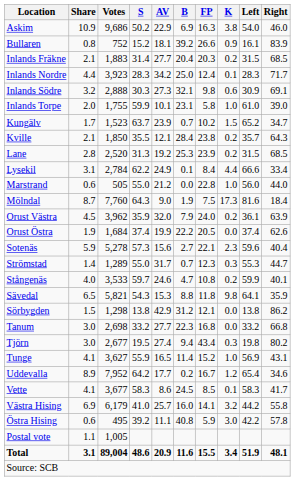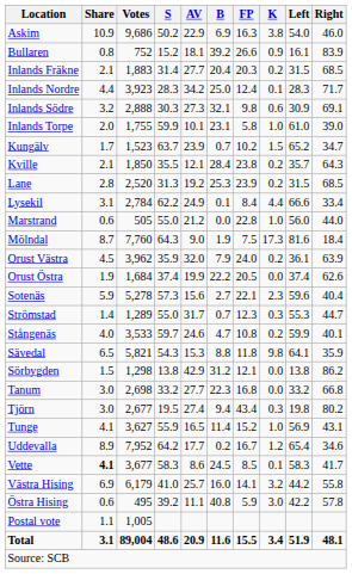 <table class="wikitable sortable" style=text-align:right>
 <tr>
 <th>Location</th>
 <th>Share</th>
 <th>Votes</th>
 <th><a href='#'>S</a></th>
 <th><a href='#'>AV</a></th>
 <th><a href='#'>B</a></th>
 <th><a href='#'>FP</a></th>
 <th><a href='#'>K</a></th>
 <th>Left</th>
 <th>Right</th>
 </tr>
 <tr>
 <td align=left><a href='#'>Askim</a></td>
 <td>10.9</td>
 <td>9,686</td>
 <td>50.2</td>
 <td>22.9</td>
 <td>6.9</td>
 <td>16.3</td>
 <td>3.8</td>
 <td>54.0</td>
 <td>46.0</td>
 </tr>
 <tr>
 <td align=left><a href='#'>Bullaren</a></td>
 <td>0.8</td>
 <td>752</td>
 <td>15.2</td>
 <td>18.1</td>
 <td>39.2</td>
 <td>26.6</td>
 <td>0.9</td>
 <td>16.1</td>
 <td>83.9</td>
 </tr>
 <tr>
 <td align=left><a href='#'>Inlands Fräkne</a></td>
 <td>2.1</td>
 <td>1,883</td>
 <td>31.4</td>
 <td>27.7</td>
 <td>20.4</td>
 <td>20.3</td>
 <td>0.2</td>
 <td>31.5</td>
 <td>68.5</td>
 </tr>
 <tr>
 <td align=left><a href='#'>Inlands Nordre</a></td>
 <td>4.4</td>
 <td>3,923</td>
 <td>28.3</td>
 <td>34.2</td>
 <td>25.0</td>
 <td>12.4</td>
 <td>0.1</td>
 <td>28.3</td>
 <td>71.7</td>
 </tr>
 <tr>
 <td align=left><a href='#'>Inlands Södre</a></td>
 <td>3.2</td>
 <td>2,888</td>
 <td>30.3</td>
 <td>27.3</td>
 <td>32.1</td>
 <td>9.8</td>
 <td>0.6</td>
 <td>30.9</td>
 <td>69.1</td>
 </tr>
 <tr>
 <td align=left><a href='#'>Inlands Torpe</a></td>
 <td>2.0</td>
 <td>1,755</td>
 <td>59.9</td>
 <td>10.1</td>
 <td>23.1</td>
 <td>5.8</td>
 <td>1.0</td>
 <td>61.0</td>
 <td>39.0</td>
 </tr>
 <tr>
 <td align=left><a href='#'>Kungälv</a></td>
 <td>1.7</td>
 <td>1,523</td>
 <td>63.7</td>
 <td>23.9</td>
 <td>0.7</td>
 <td>10.2</td>
 <td>1.5</td>
 <td>65.2</td>
 <td>34.7</td>
 </tr>
 <tr>
 <td align=left><a href='#'>Kville</a></td>
 <td>2.1</td>
 <td>1,850</td>
 <td>35.5</td>
 <td>12.1</td>
 <td>28.4</td>
 <td>23.8</td>
 <td>0.2</td>
 <td>35.7</td>
 <td>64.3</td>
 </tr>
 <tr>
 <td align=left><a href='#'>Lane</a></td>
 <td>2.8</td>
 <td>2,520</td>
 <td>31.3</td>
 <td>19.2</td>
 <td>25.3</td>
 <td>23.9</td>
 <td>0.2</td>
 <td>31.5</td>
 <td>68.5</td>
 </tr>
 <tr>
 <td align=left><a href='#'>Lysekil</a></td>
 <td>3.1</td>
 <td>2,784</td>
 <td>62.2</td>
 <td>24.9</td>
 <td>0.1</td>
 <td>8.4</td>
 <td>4.4</td>
 <td>66.6</td>
 <td>33.4</td>
 </tr>
 <tr>
 <td align=left><a href='#'>Marstrand</a></td>
 <td>0.6</td>
 <td>505</td>
 <td>55.0</td>
 <td>21.2</td>
 <td>0.0</td>
 <td>22.8</td>
 <td>1.0</td>
 <td>56.0</td>
 <td>44.0</td>
 </tr>
 <tr>
 <td align=left><a href='#'>Mölndal</a></td>
 <td>8.7</td>
 <td>7,760</td>
 <td>64.3</td>
 <td>9.0</td>
 <td>1.9</td>
 <td>7.5</td>
 <td>17.3</td>
 <td>81.6</td>
 <td>18.4</td>
 </tr>
 <tr>
 <td align=left><a href='#'>Orust Västra</a></td>
 <td>4.5</td>
 <td>3,962</td>
 <td>35.9</td>
 <td>32.0</td>
 <td>7.9</td>
 <td>24.0</td>
 <td>0.2</td>
 <td>36.1</td>
 <td>63.9</td>
 </tr>
 <tr>
 <td align=left><a href='#'>Orust Östra</a></td>
 <td>1.9</td>
 <td>1,684</td>
 <td>37.4</td>
 <td>19.9</td>
 <td>22.2</td>
 <td>20.5</td>
 <td>0.0</td>
 <td>37.4</td>
 <td>62.6</td>
 </tr>
 <tr>
 <td align=left><a href='#'>Sotenäs</a></td>
 <td>5.9</td>
 <td>5,278</td>
 <td>57.3</td>
 <td>15.6</td>
 <td>2.7</td>
 <td>22.1</td>
 <td>2.3</td>
 <td>59.6</td>
 <td>40.4</td>
 </tr>
 <tr>
 <td align=left><a href='#'>Strömstad</a></td>
 <td>1.4</td>
 <td>1,289</td>
 <td>55.0</td>
 <td>31.7</td>
 <td>0.7</td>
 <td>12.3</td>
 <td>0.3</td>
 <td>55.3</td>
 <td>44.7</td>
 </tr>
 <tr>
 <td align=left><a href='#'>Stångenäs</a></td>
 <td>4.0</td>
 <td>3,533</td>
 <td>59.7</td>
 <td>24.6</td>
 <td>4.7</td>
 <td>10.8</td>
 <td>0.2</td>
 <td>59.9</td>
 <td>40.1</td>
 </tr>
 <tr>
 <td align=left><a href='#'>Sävedal</a></td>
 <td>6.5</td>
 <td>5,821</td>
 <td>54.3</td>
 <td>15.3</td>
 <td>8.8</td>
 <td>11.8</td>
 <td>9.8</td>
 <td>64.1</td>
 <td>35.9</td>
 </tr>
 <tr>
 <td align=left><a href='#'>Sörbygden</a></td>
 <td>1.5</td>
 <td>1,298</td>
 <td>13.8</td>
 <td>42.9</td>
 <td>31.2</td>
 <td>12.1</td>
 <td>0.0</td>
 <td>13.8</td>
 <td>86.2</td>
 </tr>
 <tr>
 <td align=left><a href='#'>Tanum</a></td>
 <td>3.0</td>
 <td>2,698</td>
 <td>33.2</td>
 <td>27.7</td>
 <td>22.3</td>
 <td>16.8</td>
 <td>0.0</td>
 <td>33.2</td>
 <td>66.8</td>
 </tr>
 <tr>
 <td align=left><a href='#'>Tjörn</a></td>
 <td>3.0</td>
 <td>2,677</td>
 <td>19.5</td>
 <td>27.4</td>
 <td>9.4</td>
 <td>43.4</td>
 <td>0.3</td>
 <td>19.8</td>
 <td>80.2</td>
 </tr>
 <tr>
 <td align=left><a href='#'>Tunge</a></td>
 <td>4.1</td>
 <td>3,627</td>
 <td>55.9</td>
 <td>16.5</td>
 <td>11.4</td>
 <td>15.2</td>
 <td>1.0</td>
 <td>56.9</td>
 <td>43.1</td>
 </tr>
 <tr>
 <td align=left><a href='#'>Uddevalla</a></td>
 <td>8.9</td>
 <td>7,952</td>
 <td>64.2</td>
 <td>17.7</td>
 <td>0.2</td>
 <td>16.7</td>
 <td>1.2</td>
 <td>65.4</td>
 <td>34.6</td>
 </tr>
 <tr>
 <td align=left><a href='#'>Vette</a></td>
-<td>4.1</td>
+<td><strong>4.1</strong></td>
 <td>3,677</td>
 <td>58.3</td>
 <td>8.6</td>
 <td>24.5</td>
 <td>8.5</td>
 <td>0.1</td>
 <td>58.3</td>
 <td>41.7</td>
 </tr>
 <tr>
 <td align=left><a href='#'>Västra Hising</a></td>
 <td>6.9</td>
 <td>6,179</td>
 <td>41.0</td>
 <td>25.7</td>
 <td>16.0</td>
 <td>14.1</td>
 <td>3.2</td>
 <td>44.2</td>
 <td>55.8</td>
 </tr>
 <tr>
 <td align=left><a href='#'>Östra Hising</a></td>
 <td>0.6</td>
 <td>495</td>
 <td>39.2</td>
 <td>11.1</td>
 <td>40.8</td>
 <td>5.9</td>
 <td>3.0</td>
 <td>42.2</td>
 <td>57.8</td>
 </tr>
 <tr>
 <td align=left><a href='#'>Postal vote</a></td>
 <td>1.1</td>
 <td>1,005</td>
 <td></td>
 <td></td>
 <td></td>
 <td></td>
 <td></td>
 <td></td>
 <td></td>
 </tr>
 <tr>
 <td align=left><strong>Total</strong></td>
 <td><strong>3.1</strong></td>
 <td><strong>89,004</strong></td>
 <td><strong>48.6</strong></td>
 <td><strong>20.9</strong></td>
 <td><strong>11.6</strong></td>
 <td><strong>15.5</strong></td>
 <td><strong>3.4</strong></td>
 <td><strong>51.9</strong></td>
 <td><strong>48.1</strong></td>
 </tr>
 <tr>
 <td align=left colspan=10>Source: SCB </td>
 </tr>
 </table>
